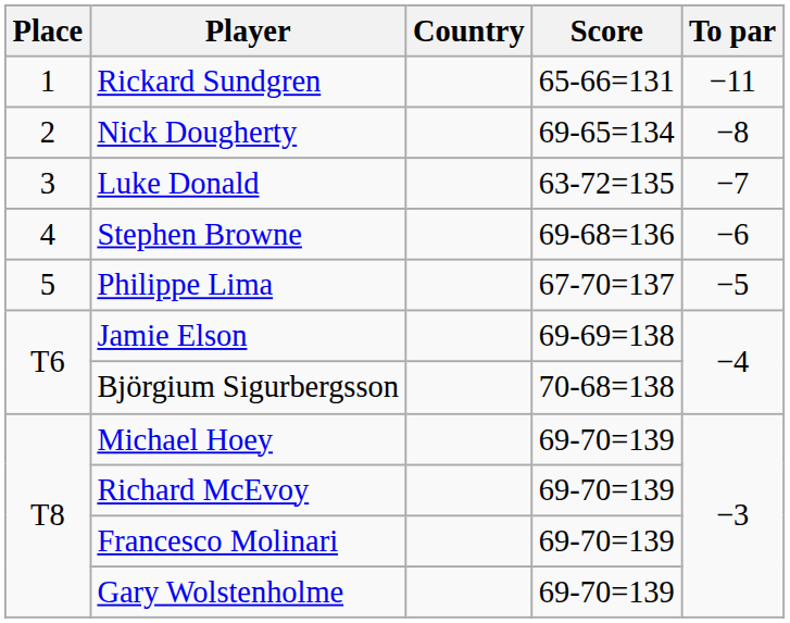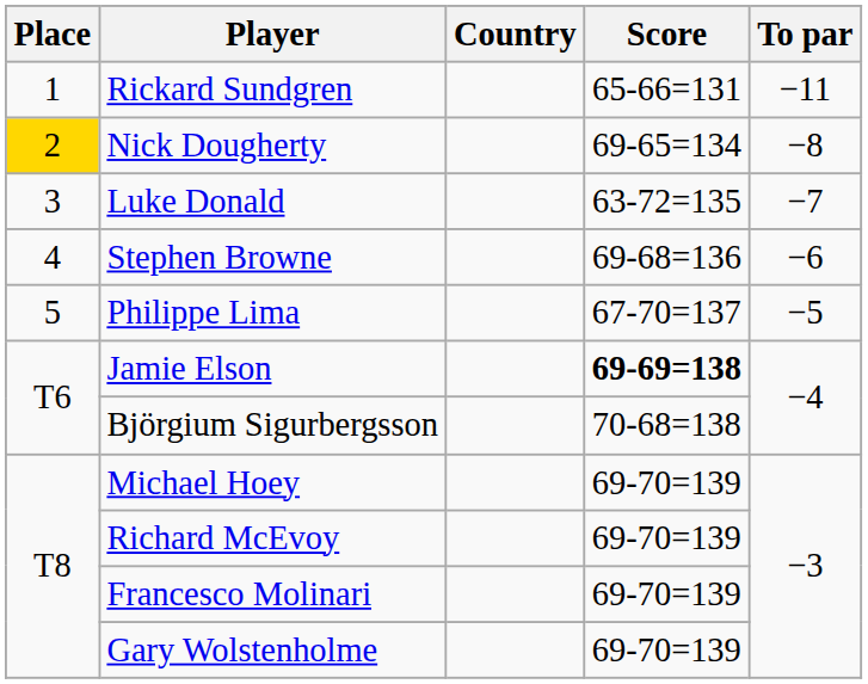 <table class="wikitable" style="font-size:95%;">
 <tr>
 <th>Place</th>
 <th>Player</th>
 <th>Country</th>
 <th>Score</th>
 <th>To par</th>
 </tr>
 <tr>
 <td align=center>1</td>
 <td><a href='#'>Rickard Sundgren</a></td>
 <td></td>
 <td align=center>65-66=131</td>
 <td align="center">−11</td>
 </tr>
 <tr>
-<td align=center>2</td>
+<td align=center style="background: gold;">2</td>
 <td><a href='#'>Nick Dougherty</a></td>
 <td></td>
 <td align=center>69-65=134</td>
 <td align="center">−8</td>
 </tr>
 <tr>
 <td align="center">3</td>
 <td><a href='#'>Luke Donald</a></td>
 <td></td>
 <td align=center>63-72=135</td>
 <td align="center">−7</td>
 </tr>
 <tr>
 <td align="center">4</td>
 <td><a href='#'>Stephen Browne</a></td>
 <td></td>
 <td align="center">69-68=136</td>
 <td align="center">−6</td>
 </tr>
 <tr>
 <td align="center">5</td>
 <td><a href='#'>Philippe Lima</a></td>
 <td></td>
 <td>67-70=137</td>
 <td align="center">−5</td>
 </tr>
 <tr>
 <td rowspan="2" align="center">T6</td>
 <td><a href='#'>Jamie Elson</a></td>
 <td></td>
-<td>69-69=138</td>
+<td><strong>69-69=138</strong></td>
 <td rowspan="2" align="center">−4</td>
 </tr>
 <tr>
 <td>Björgium Sigurbergsson</td>
 <td></td>
 <td>70-68=138</td>
 </tr>
 <tr>
 <td rowspan="4" align=center>T8</td>
 <td><a href='#'>Michael Hoey</a></td>
 <td></td>
 <td>69-70=139</td>
 <td rowspan="4" align=center>−3</td>
 </tr>
 <tr>
 <td><a href='#'>Richard McEvoy</a></td>
 <td></td>
 <td>69-70=139</td>
 </tr>
 <tr>
 <td><a href='#'>Francesco Molinari</a></td>
 <td></td>
 <td>69-70=139</td>
 </tr>
 <tr>
 <td><a href='#'>Gary Wolstenholme</a></td>
 <td></td>
 <td>69-70=139</td>
 </tr>
 </table>
